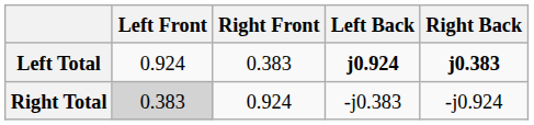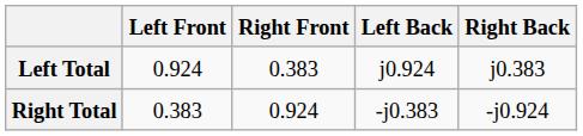 <table class="wikitable" style="text-align:center">
 <tr>
 <th></th>
 <th><small>Left Front</small></th>
 <th><small>Right Front</small></th>
 <th><small>Left Back</small></th>
 <th><small>Right Back</small></th>
 </tr>
 <tr>
 <th><small>Left Total</small></th>
 <td><small>0.924</small></td>
 <td><small>0.383</small></td>
-<td><strong><small>j0.924</small></strong></td>
-<td><strong><small>j0.383</small></strong></td>
+<td><small>j0.924</small></td>
+<td><small>j0.383</small></td>
 </tr>
 <tr>
 <th><small>Right  Total</small></th>
-<td style="background: lightgrey;"><small>0.383</small></td>
+<td><small>0.383</small></td>
 <td><small>0.924</small></td>
 <td><small>-j0.383</small></td>
 <td><small>-j0.924</small></td>
 </tr>
 </table>
